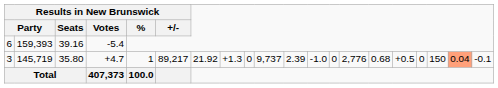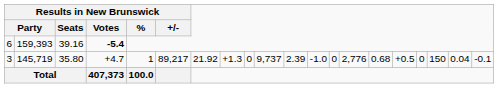 <table class="wikitable">
 <tr>
 <th align="center" colspan=6>Results in New Brunswick</th>
 </tr>
 <tr>
 <th align="centre" colspan=2>Party</th>
 <th align="right">Seats</th>
 <th align="right">Votes</th>
 <th align="right">%</th>
 <th align="right">+/-</th>
 </tr>
 <tr>
 <td align="right">6</td>
 <td align="right">159,393</td>
 <td align="right">39.16</td>
-<td align="right">-5.4</td>
+<td align="right"><strong>-5.4</strong></td>
 </tr>
 <tr>
 <td align="right">3</td>
 <td align="right">145,719</td>
 <td align="right">35.80</td>
 <td align="right">+4.7<br></td>
 <td align="right">1</td>
 <td align="right">89,217</td>
 <td align="right">21.92</td>
 <td align="right">+1.3<br></td>
 <td align="right">0</td>
 <td align="right">9,737</td>
 <td align="right">2.39</td>
 <td align="right">-1.0<br></td>
 <td align="right">0</td>
 <td align="right">2,776</td>
 <td align="right">0.68</td>
 <td align="right">+0.5<br></td>
 <td align="right">0</td>
 <td align="right">150</td>
-<td align="right" style="background: lightsalmon;">0.04</td>
+<td align="right">0.04</td>
 <td align="right">-0.1</td>
 </tr>
 <tr bgcolor="white">
 <th align="left" colspan=3>Total</th>
 <th align="right">407,373</th>
 <th align="right">100.0</th>
 <th align="right"></th>
 </tr>
 </table>
